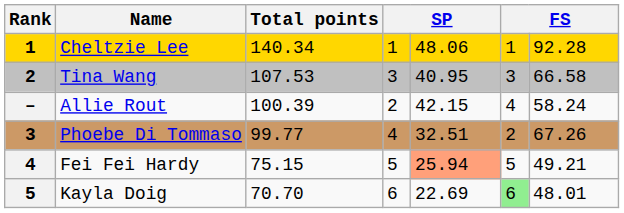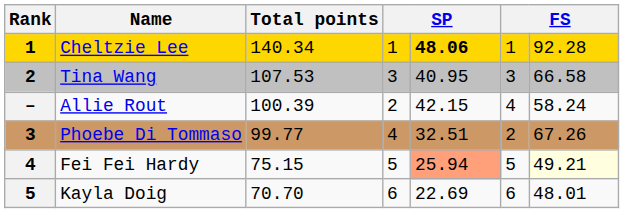 <table class="wikitable sortable">
 <tr>
 <th>Rank</th>
 <th>Name</th>
 <th>Total points</th>
 <th colspan="2" width="80px"><a href='#'>SP</a></th>
 <th colspan="2" width="80px"><a href='#'>FS</a></th>
 </tr>
 <tr bgcolor="gold">
 <td align="center"><strong>1</strong></td>
 <td><a href='#'>Cheltzie Lee</a></td>
 <td>140.34</td>
 <td>1</td>
-<td>48.06</td>
+<td><strong>48.06</strong></td>
 <td>1</td>
 <td>92.28</td>
 </tr>
 <tr bgcolor="silver">
 <td align="center"><strong>2</strong></td>
 <td><a href='#'>Tina Wang</a></td>
 <td>107.53</td>
 <td>3</td>
 <td>40.95</td>
 <td>3</td>
 <td>66.58</td>
 </tr>
 <tr>
 <th>–</th>
 <td> <a href='#'>Allie Rout</a></td>
 <td>100.39</td>
 <td>2</td>
 <td>42.15</td>
 <td>4</td>
 <td>58.24</td>
 </tr>
 <tr bgcolor="cc9966">
 <td align="center"><strong>3</strong></td>
 <td><a href='#'>Phoebe Di Tommaso</a></td>
 <td>99.77</td>
 <td>4</td>
 <td>32.51</td>
 <td>2</td>
 <td>67.26</td>
 </tr>
 <tr>
 <th>4</th>
 <td>Fei Fei Hardy</td>
 <td>75.15</td>
 <td>5</td>
 <td style="background: lightsalmon;">25.94</td>
 <td>5</td>
-<td>49.21</td>
+<td style="background: lightyellow;">49.21</td>
 </tr>
 <tr>
 <th>5</th>
 <td>Kayla Doig</td>
 <td>70.70</td>
 <td>6</td>
 <td>22.69</td>
-<td style="background: lightgreen;">6</td>
+<td>6</td>
 <td>48.01</td>
 </tr>
 </table>
